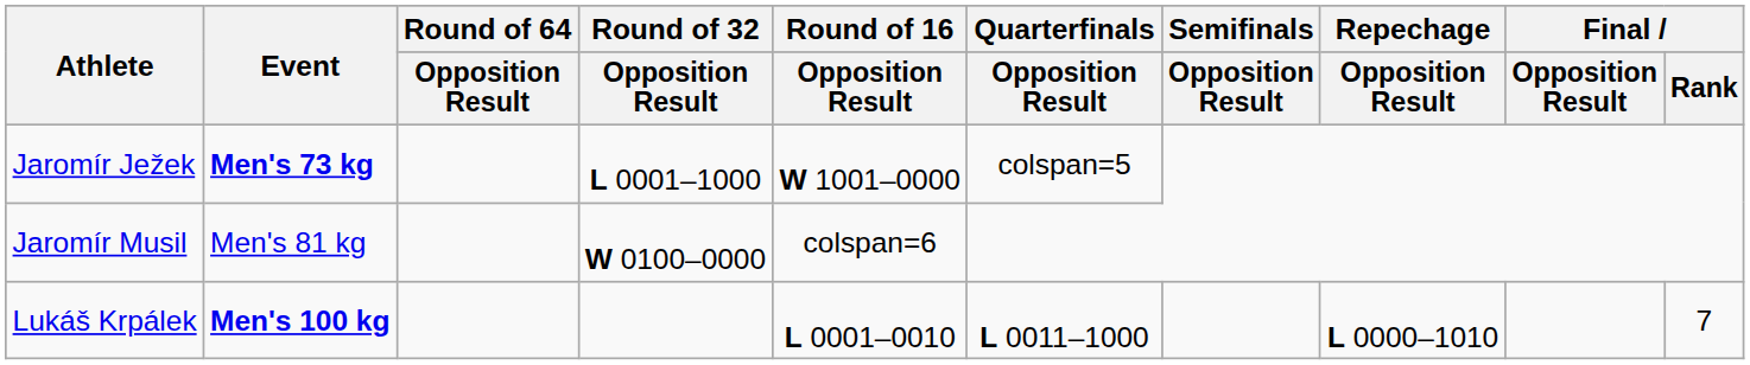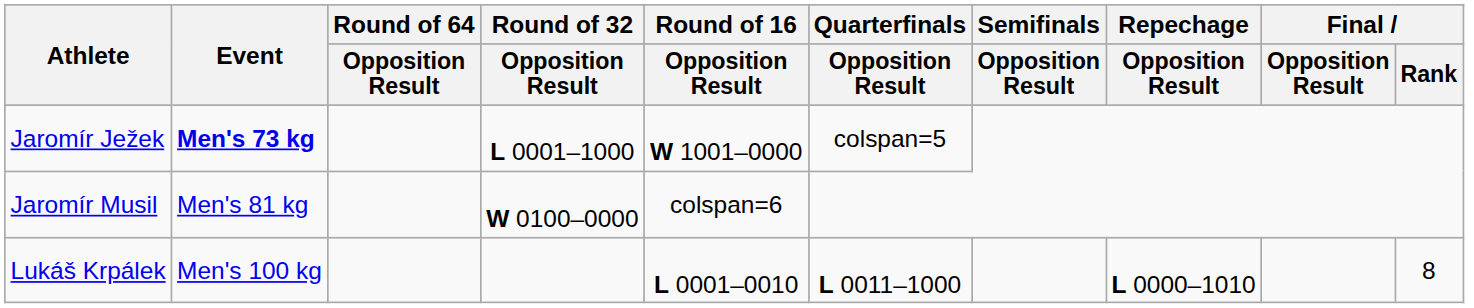 <table class="wikitable" style="font-size:90%">
 <tr>
 <th rowspan="2">Athlete</th>
 <th rowspan="2">Event</th>
 <th>Round of 64</th>
 <th>Round of 32</th>
 <th>Round of 16</th>
 <th>Quarterfinals</th>
 <th>Semifinals</th>
 <th>Repechage</th>
 <th colspan=2>Final / </th>
 </tr>
 <tr style="font-size:95%">
 <th>Opposition<br>Result</th>
 <th>Opposition<br>Result</th>
 <th>Opposition<br>Result</th>
 <th>Opposition<br>Result</th>
 <th>Opposition<br>Result</th>
 <th>Opposition<br>Result</th>
 <th>Opposition<br>Result</th>
 <th>Rank</th>
 </tr>
 <tr align=center>
 <td align=left><a href='#'>Jaromír Ježek</a></td>
 <td align=left><strong><a href='#'>Men's 73 kg</a></strong></td>
 <td></td>
 <td><br><strong>L</strong> 0001–1000</td>
 <td><br><strong>W</strong> 1001–0000</td>
 <td>colspan=5 </td>
 </tr>
 <tr align=center>
 <td align=left><a href='#'>Jaromír Musil</a></td>
 <td align=left><a href='#'>Men's 81 kg</a></td>
 <td></td>
 <td><br><strong>W</strong> 0100–0000</td>
 <td>colspan=6 </td>
 </tr>
 <tr align=center>
 <td align=left><a href='#'>Lukáš Krpálek</a></td>
-<td align=left><strong><a href='#'>Men's 100 kg</a></strong></td>
+<td align=left><a href='#'>Men's 100 kg</a></td>
 <td></td>
 <td></td>
 <td><br><strong>L</strong> 0001–0010</td>
 <td><br><strong>L</strong> 0011–1000</td>
 <td></td>
 <td><br><strong>L</strong> 0000–1010</td>
 <td></td>
-<td>7</td>
+<td>8</td>
 </tr>
 </table>
